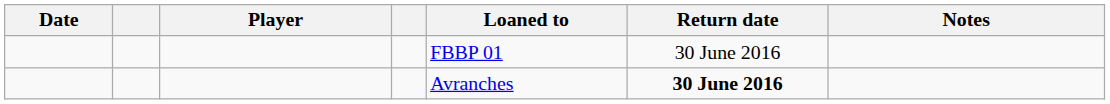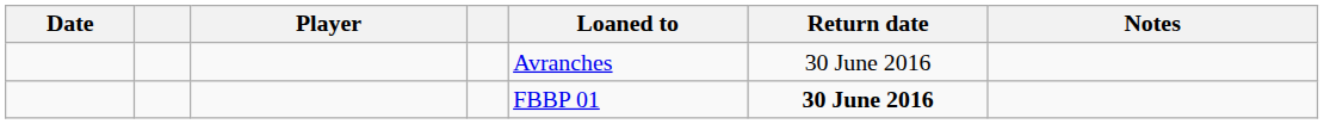 <table class="wikitable sortable">
 <tr>
 <th style="width:80px;">Date</th>
 <th style="width:30px;"></th>
 <th style="width:180px;">Player</th>
 <th style="width:20px;"></th>
 <th style="width:155px;">Loaned to</th>
 <th style="width:155px;" class="unsortable">Return date</th>
 <th style="width:215px;" class="unsortable">Notes</th>
 </tr>
 <tr>
 <td></td>
 <td align=center></td>
 <td> </td>
 <td></td>
-<td> <a href='#'>FBBP 01</a></td>
+<td> <a href='#'>Avranches</a></td>
 <td align=center>30 June 2016</td>
 <td align=center></td>
 </tr>
 <tr>
 <td></td>
 <td align=center></td>
 <td> </td>
 <td></td>
-<td> <a href='#'>Avranches</a></td>
+<td> <a href='#'>FBBP 01</a></td>
 <td align=center><strong>30 June 2016</strong></td>
 <td align=center></td>
 </tr>
 </table>
